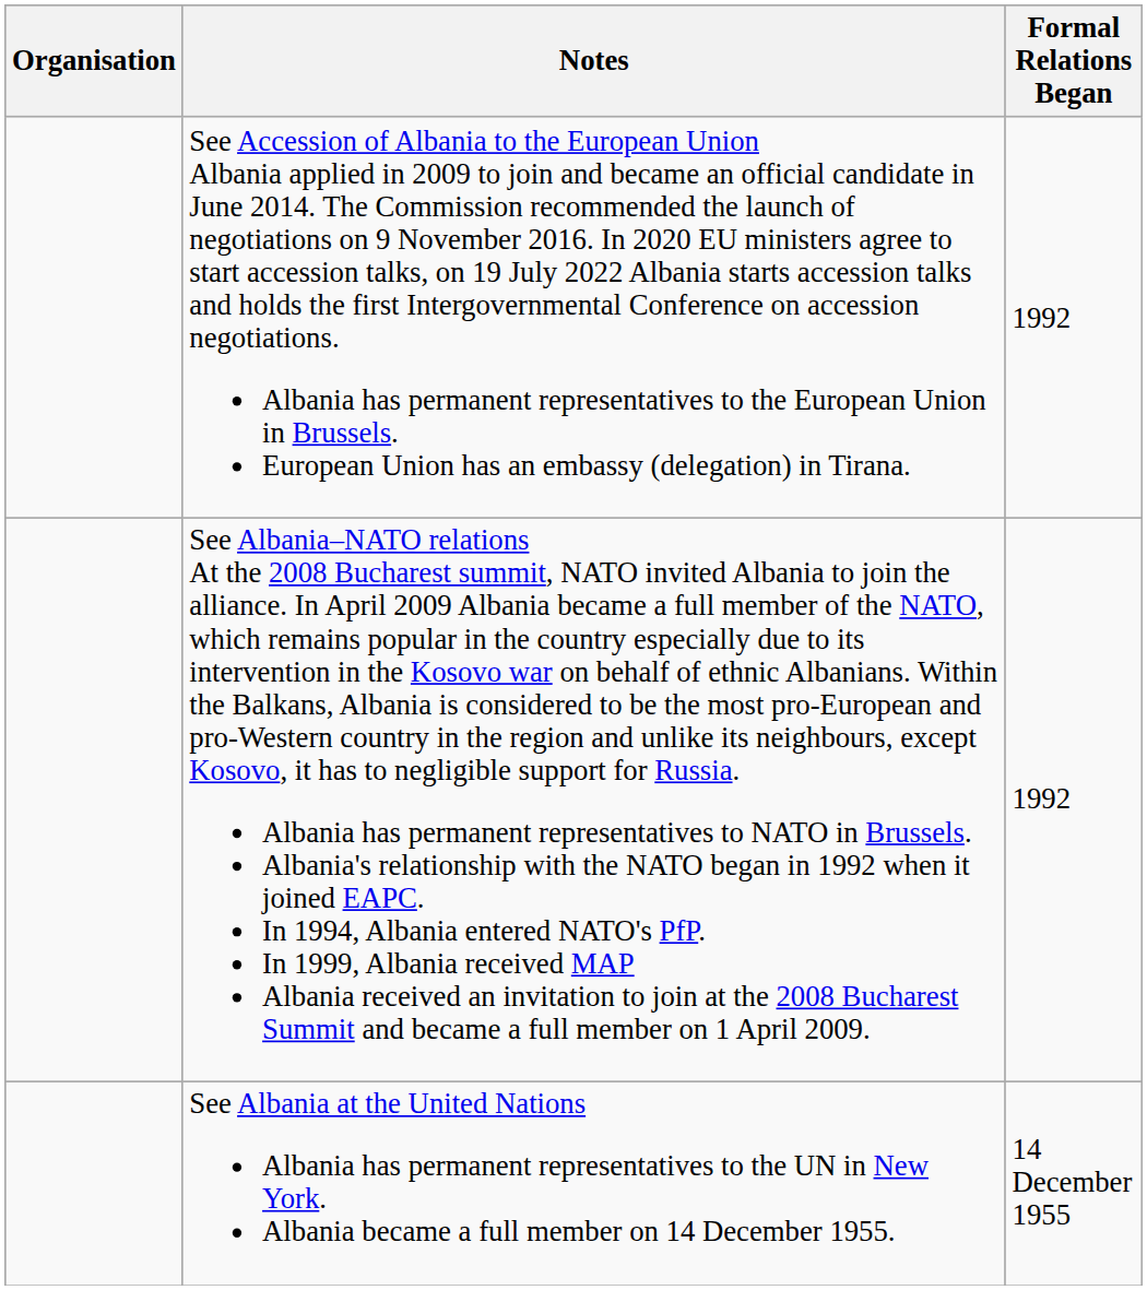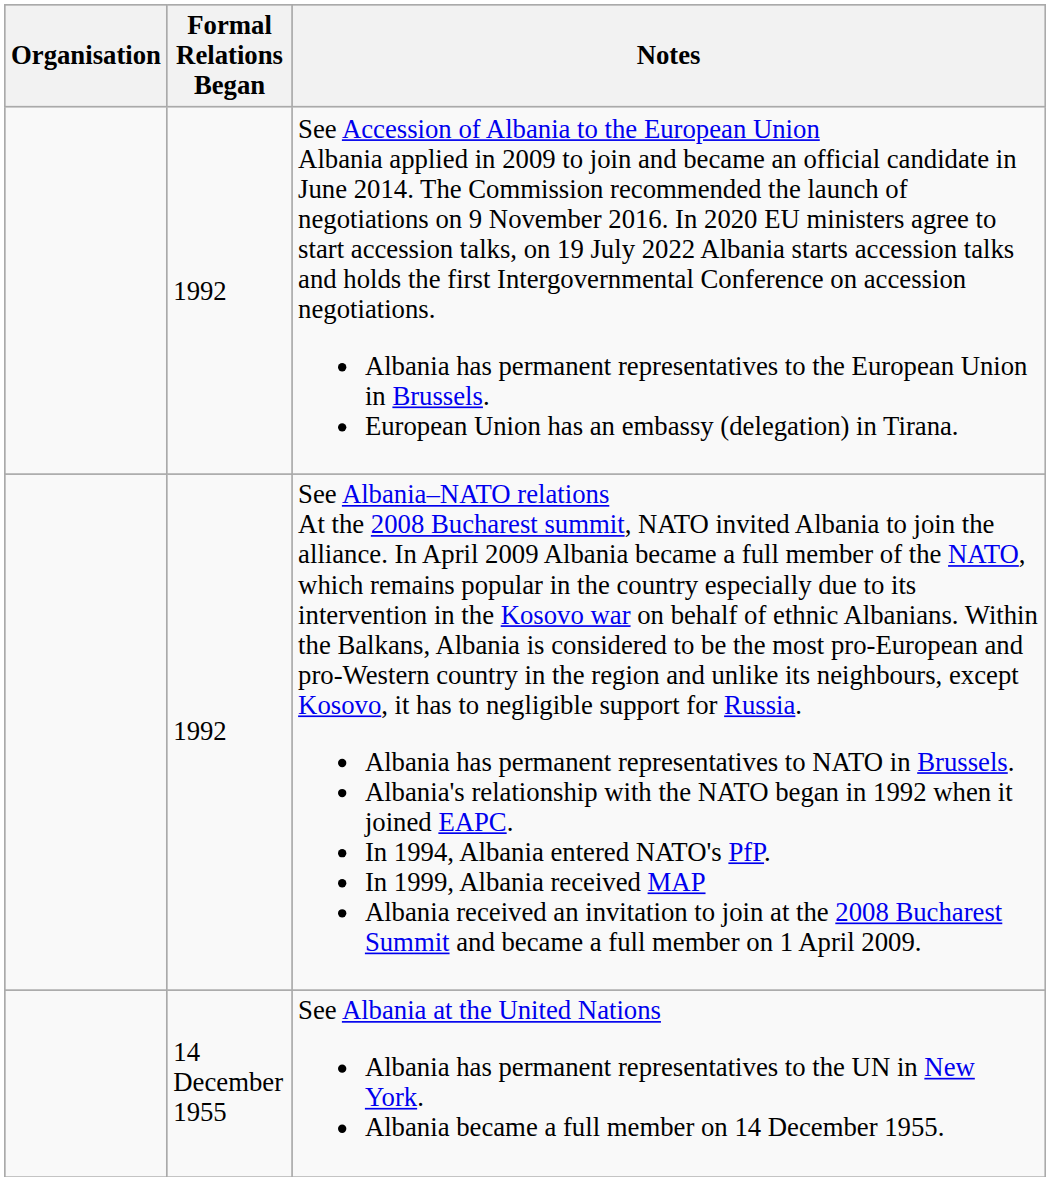 <table class="wikitable sortable" border="1" style="width:100%; margin:auto;">
 <tr>
 <th width="15%">Organisation</th>
+<th width="12%">Formal Relations Began</th>
 <th>Notes</th>
-<th width="12%">Formal Relations Began</th>
 </tr>
 <tr -valign="top">
 <td></td>
+<td>1992</td>
 <td>See <a href='#'>Accession of Albania to the European Union</a><br>Albania applied in 2009 to join and became an official candidate in June 2014. The Commission recommended the launch of negotiations on 9 November 2016. In 2020 EU ministers agree to start accession talks, on 19 July 2022 Albania starts accession talks and holds the first Intergovernmental Conference on accession negotiations.<ul><li>Albania has permanent representatives to the European Union in <a href='#'>Brussels</a>.</li><li>European Union has an embassy (delegation) in Tirana.</li></ul></td>
-<td>1992</td>
 </tr>
 <tr -valign="top">
 <td></td>
+<td>1992</td>
 <td>See <a href='#'>Albania–NATO relations</a><br>At the <a href='#'>2008 Bucharest summit</a>, NATO invited Albania to join the alliance. In April 2009 Albania became a full member of the <a href='#'>NATO</a>, which remains popular in the country especially due to its intervention in the <a href='#'>Kosovo war</a> on behalf of ethnic Albanians. Within the Balkans, Albania is considered to be the most pro-European and pro-Western country in the region and unlike its neighbours, except <a href='#'>Kosovo</a>, it has to negligible support for <a href='#'>Russia</a>.<ul><li>Albania has permanent representatives to NATO in <a href='#'>Brussels</a>.</li><li>Albania's relationship with the NATO began in 1992 when it joined <a href='#'>EAPC</a>.</li><li>In 1994, Albania entered NATO's <a href='#'>PfP</a>.</li><li>In 1999, Albania received <a href='#'>MAP</a></li><li>Albania received an invitation to join at the <a href='#'>2008 Bucharest Summit</a> and became a full member on 1 April 2009.</li></ul></td>
-<td>1992</td>
 </tr>
 <tr -valign="top">
 <td></td>
+<td>14 December 1955</td>
 <td>See <a href='#'>Albania at the United Nations</a><br><ul><li>Albania has permanent representatives to the UN in <a href='#'>New York</a>.</li><li>Albania became a full member on 14 December 1955.</li></ul></td>
-<td>14 December 1955</td>
 </tr>
 </table>
